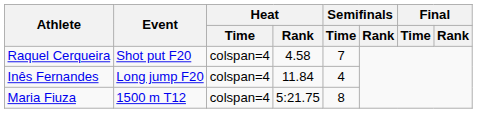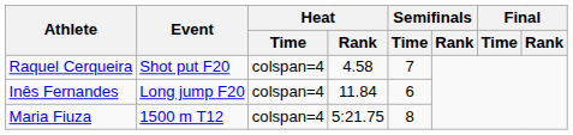 <table class="wikitable" style="font-size:90%;">
 <tr>
 <th rowspan=2>Athlete</th>
 <th rowspan=2>Event</th>
 <th colspan=2>Heat</th>
 <th colspan=2>Semifinals</th>
 <th colspan=2>Final</th>
 </tr>
 <tr>
 <th>Time</th>
 <th>Rank</th>
 <th>Time</th>
 <th>Rank</th>
 <th>Time</th>
 <th>Rank</th>
 </tr>
 <tr>
 <td><a href='#'>Raquel Cerqueira</a></td>
 <td><a href='#'>Shot put F20</a></td>
 <td>colspan=4 </td>
 <td align=center>4.58</td>
 <td align=center>7</td>
 </tr>
 <tr>
 <td><a href='#'>Inês Fernandes</a></td>
 <td><a href='#'>Long jump F20</a></td>
 <td>colspan=4 </td>
 <td align=center>11.84</td>
-<td align=center>4</td>
+<td align=center>6</td>
 </tr>
 <tr>
 <td><a href='#'>Maria Fiuza</a></td>
 <td><a href='#'>1500 m T12</a></td>
 <td>colspan=4 </td>
 <td align=center>5:21.75</td>
 <td align=center>8</td>
 </tr>
 </table>
